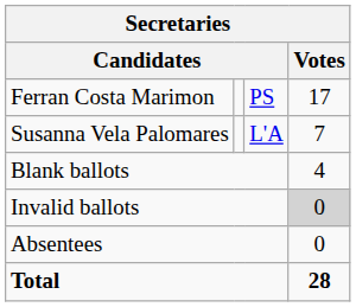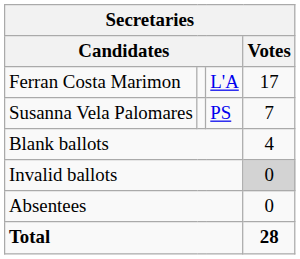 <table class="wikitable" style="font-size:95%; text-align:center;">
 <tr>
 <th colspan="4">Secretaries</th>
 </tr>
 <tr>
 <th colspan="3">Candidates</th>
 <th>Votes</th>
 </tr>
 <tr>
 <td align="left"> Ferran Costa Marimon</td>
 <td style="background:"></td>
-<td align="left"><a href='#'>PS</a></td>
+<td align="left"><a href='#'>L'A</a></td>
 <td>17</td>
 </tr>
 <tr>
 <td align="left"> Susanna Vela Palomares</td>
 <td style="background:"></td>
-<td align="left"><a href='#'>L'A</a></td>
+<td align="left"><a href='#'>PS</a></td>
 <td>7</td>
 </tr>
 <tr>
 <td align=left colspan="3">Blank ballots</td>
 <td>4</td>
 </tr>
 <tr>
 <td align=left colspan="3">Invalid ballots</td>
 <td style="background: lightgrey;">0</td>
 </tr>
 <tr>
 <td align=left colspan="3">Absentees</td>
 <td>0</td>
 </tr>
 <tr style="font-weight:bold">
 <td align=left colspan="3">Total</td>
 <td>28</td>
 </tr>
 </table>
